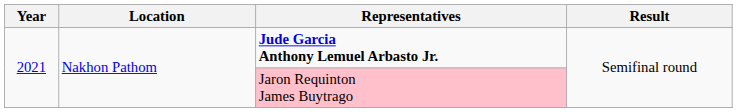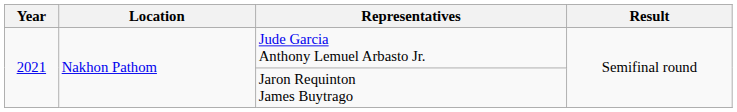 <table class="wikitable" style="font-size:100%; width:50%;">
 <tr>
 <th style= "align=center; width:10em;">Year</th>
 <th style= "align=center; width:65em;">Location</th>
 <th style= "align=center; width:100em;">Representatives</th>
 <th style= "align=center; width:50em;">Result</th>
 </tr>
 <tr>
 <td rowspan=2 align=center><a href='#'>2021</a></td>
 <td rowspan=2> <a href='#'>Nakhon Pathom</a></td>
-<td><strong><a href='#'>Jude Garcia</a> <br> Anthony Lemuel Arbasto Jr.</strong></td>
+<td><a href='#'>Jude Garcia</a> <br> Anthony Lemuel Arbasto Jr.</td>
 <td rowspan=2 align=center>Semifinal round</td>
 </tr>
 <tr>
-<td style="background: pink;">Jaron Requinton <br> James Buytrago</td>
+<td>Jaron Requinton <br> James Buytrago</td>
 </tr>
 </table>
